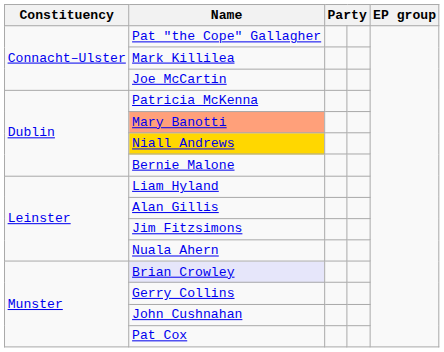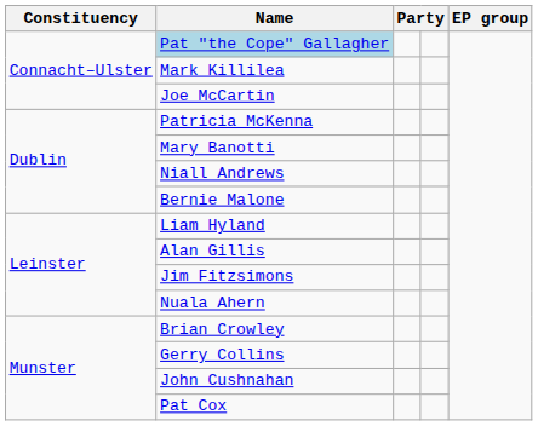 <table class=wikitable>
 <tr>
 <th>Constituency</th>
 <th>Name</th>
 <th colspan=2>Party</th>
 <th colspan=2>EP group</th>
 </tr>
 <tr>
 <td rowspan=3><a href='#'>Connacht–Ulster</a></td>
-<td><a href='#'>Pat "the Cope" Gallagher</a></td>
+<td style="background: lightblue;"><a href='#'>Pat "the Cope" Gallagher</a></td>
 <td></td>
 <td></td>
 </tr>
 <tr>
 <td><a href='#'>Mark Killilea</a></td>
 <td></td>
 <td></td>
 </tr>
 <tr>
 <td><a href='#'>Joe McCartin</a></td>
 <td></td>
 <td></td>
 </tr>
 <tr>
 <td rowspan=4><a href='#'>Dublin</a></td>
 <td><a href='#'>Patricia McKenna</a></td>
 <td></td>
 <td></td>
 </tr>
 <tr>
-<td style="background: lightsalmon;"><a href='#'>Mary Banotti</a></td>
+<td><a href='#'>Mary Banotti</a></td>
 <td></td>
 <td></td>
 </tr>
 <tr>
-<td style="background: gold;"><a href='#'>Niall Andrews</a></td>
+<td><a href='#'>Niall Andrews</a></td>
 <td></td>
 <td></td>
 </tr>
 <tr>
 <td><a href='#'>Bernie Malone</a></td>
 <td></td>
 <td></td>
 </tr>
 <tr>
 <td rowspan=4><a href='#'>Leinster</a></td>
 <td><a href='#'>Liam Hyland</a></td>
 <td></td>
 <td></td>
 </tr>
 <tr>
 <td><a href='#'>Alan Gillis</a></td>
 <td></td>
 <td></td>
 </tr>
 <tr>
 <td><a href='#'>Jim Fitzsimons</a></td>
 <td></td>
 <td></td>
 </tr>
 <tr>
 <td><a href='#'>Nuala Ahern</a></td>
 <td></td>
 <td></td>
 </tr>
 <tr>
 <td rowspan=4><a href='#'>Munster</a></td>
-<td style="background: lavender;"><a href='#'>Brian Crowley</a></td>
+<td><a href='#'>Brian Crowley</a></td>
 <td></td>
 <td></td>
 </tr>
 <tr>
 <td><a href='#'>Gerry Collins</a></td>
 <td></td>
 <td></td>
 </tr>
 <tr>
 <td><a href='#'>John Cushnahan</a></td>
 <td></td>
 <td></td>
 </tr>
 <tr>
 <td><a href='#'>Pat Cox</a></td>
 <td></td>
 <td></td>
 </tr>
 </table>
